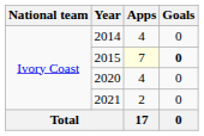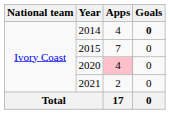 <table class="wikitable" style="text-align:center">
 <tr>
 <th>National team</th>
 <th>Year</th>
 <th>Apps</th>
 <th>Goals</th>
 </tr>
 <tr>
 <td rowspan="4"><a href='#'>Ivory Coast</a></td>
 <td>2014</td>
 <td>4</td>
+<td><strong>0</strong></td>
+</tr>
+<tr>
+<td>2015</td>
+<td>7</td>
 <td>0</td>
 </tr>
 <tr>
-<td>2015</td>
-<td style="background: lightyellow;">7</td>
-<td><strong>0</strong></td>
-</tr>
-<tr>
 <td>2020</td>
-<td>4</td>
+<td style="background: pink;">4</td>
 <td>0</td>
 </tr>
 <tr>
 <td>2021</td>
 <td>2</td>
 <td>0</td>
 </tr>
 <tr>
 <th colspan="2">Total</th>
 <th>17</th>
 <th>0</th>
 </tr>
 </table>
